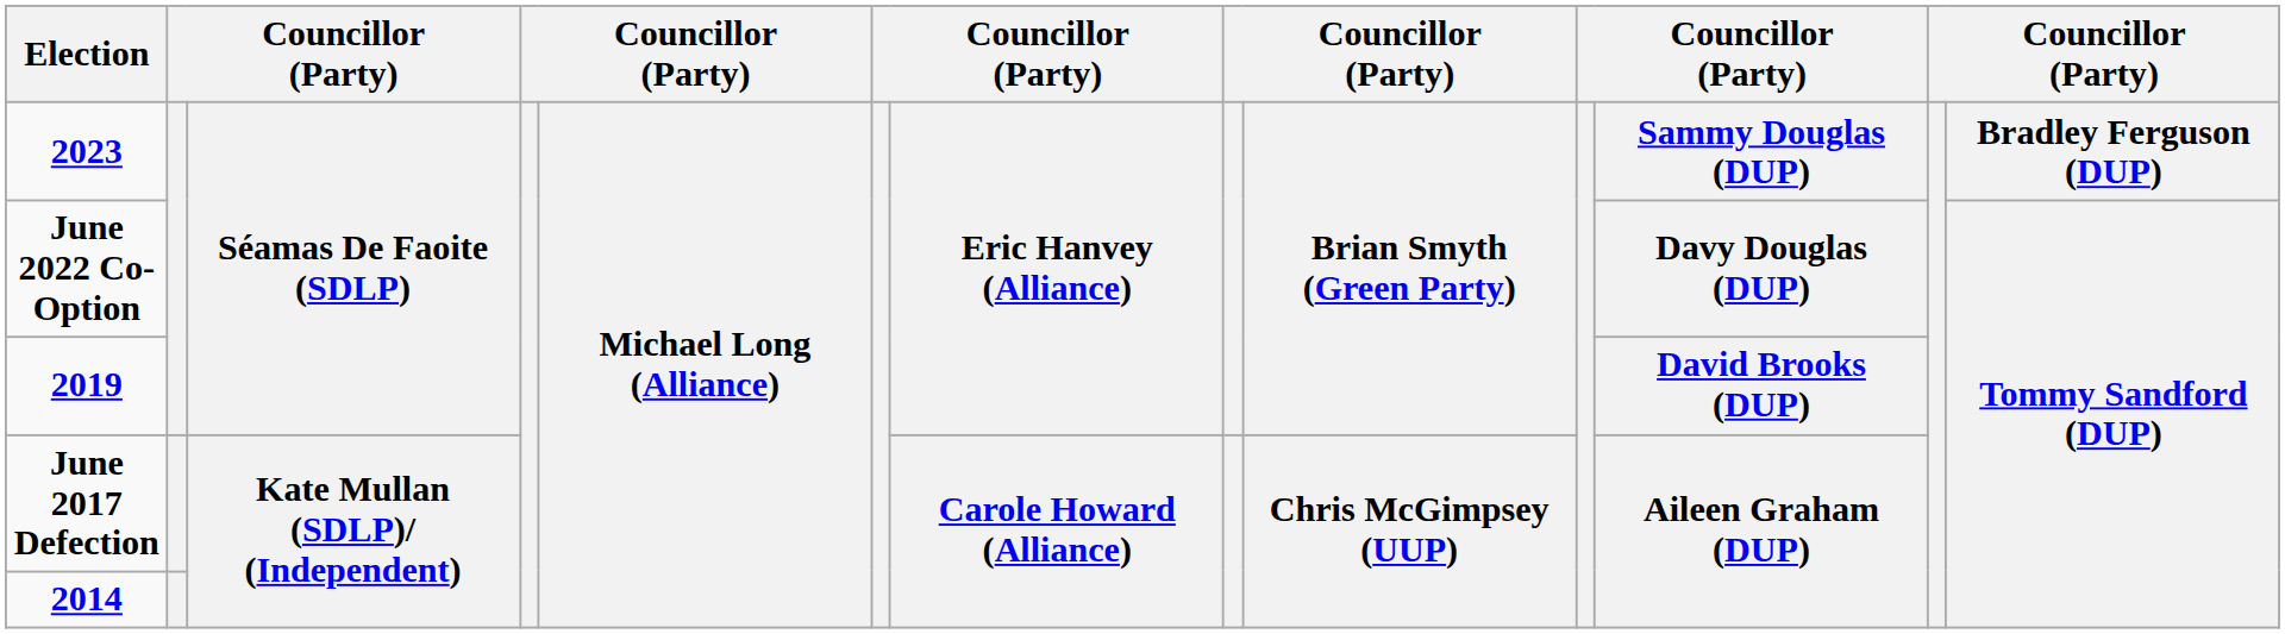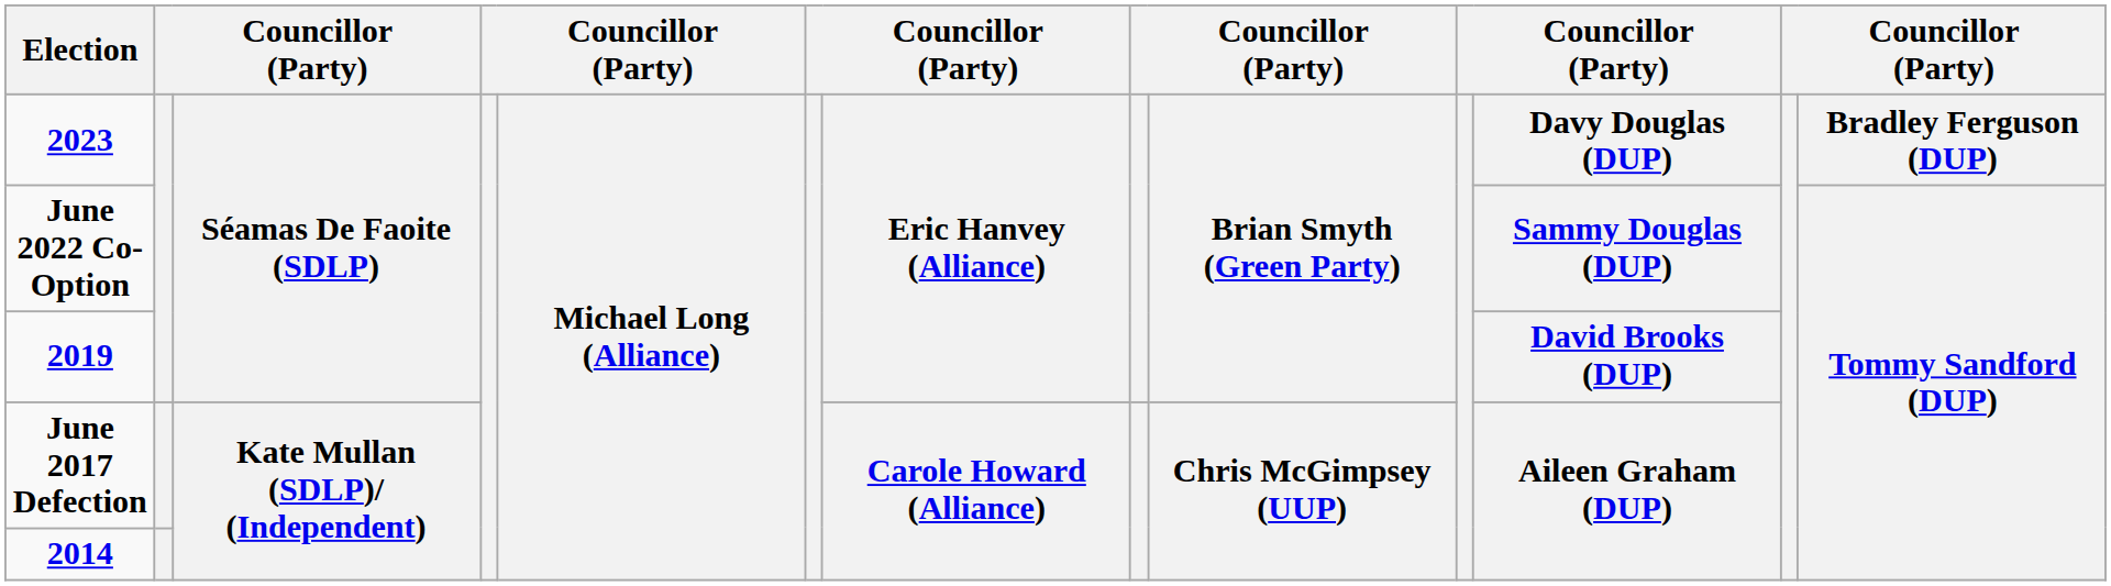 <table class="wikitable" style="text-align:center">
 <tr>
 <th scope="col" width="50">Election</th>
 <th scope="col" width="150" colspan = "2">Councillor<br> (Party)</th>
 <th scope="col" width="150" colspan = "2">Councillor<br> (Party)</th>
 <th scope="col" width="150" colspan = "2">Councillor<br> (Party)</th>
 <th scope="col" width="150" colspan = "2">Councillor<br> (Party)</th>
 <th scope="col" width="150" colspan = "2">Councillor<br> (Party)</th>
 <th scope="col" width="150" colspan = "2">Councillor<br> (Party)</th>
 </tr>
 <tr>
 <td><strong><a href='#'>2023</a></strong></td>
 <th rowspan="3" width="1" style="background-color: "></th>
 <th rowspan = "3">Séamas De Faoite <br> (<a href='#'>SDLP</a>)</th>
 <th rowspan="5" width="1" style="background-color: "></th>
 <th rowspan = "5">Michael Long <br> (<a href='#'>Alliance</a>)</th>
 <th rowspan="5" width="1" style="background-color: "></th>
 <th rowspan = "3">Eric Hanvey <br>  (<a href='#'>Alliance</a>)</th>
 <th rowspan="3" width="1" style="background-color: "></th>
 <th rowspan = "3">Brian Smyth <br> (<a href='#'>Green Party</a>)</th>
 <th rowspan="5" width="1" style="background-color: "></th>
-<th rowspan = "1"><a href='#'>Sammy Douglas</a> <br> (<a href='#'>DUP</a>)</th>
+<th rowspan = "1">Davy Douglas <br> (<a href='#'>DUP</a>)</th>
 <th rowspan="5" width="1" style="background-color: "></th>
 <th rowspan = "1">Bradley Ferguson <br> (<a href='#'>DUP</a>)</th>
 </tr>
 <tr>
 <td><strong>June 2022 Co-Option</strong></td>
-<th rowspan = "1">Davy Douglas <br> (<a href='#'>DUP</a>)</th>
+<th rowspan = "1"><a href='#'>Sammy Douglas</a> <br> (<a href='#'>DUP</a>)</th>
 <th rowspan = "4"><a href='#'>Tommy Sandford</a> <br> (<a href='#'>DUP</a>)</th>
 </tr>
 <tr>
 <td><strong><a href='#'>2019</a></strong></td>
 <th rowspan = "1"><a href='#'>David Brooks</a> <br> (<a href='#'>DUP</a>)</th>
 </tr>
 <tr>
 <td><strong>June 2017 Defection</strong></td>
 <th rowspan="1" width="1" style="background-color: "></th>
 <th rowspan = "2">Kate Mullan <br> (<a href='#'>SDLP</a>)/ <br> (<a href='#'>Independent</a>)</th>
 <th rowspan = "2"><a href='#'>Carole Howard</a> <br>  (<a href='#'>Alliance</a>)</th>
 <th rowspan="2" width="1" style="background-color: "></th>
 <th rowspan = "2">Chris McGimpsey <br> (<a href='#'>UUP</a>)</th>
 <th rowspan = "2">Aileen Graham <br> (<a href='#'>DUP</a>)</th>
 </tr>
 <tr>
 <td><strong><a href='#'>2014</a></strong></td>
 <th rowspan="1" width="1" style="background-color: "></th>
 </tr>
 </table>
